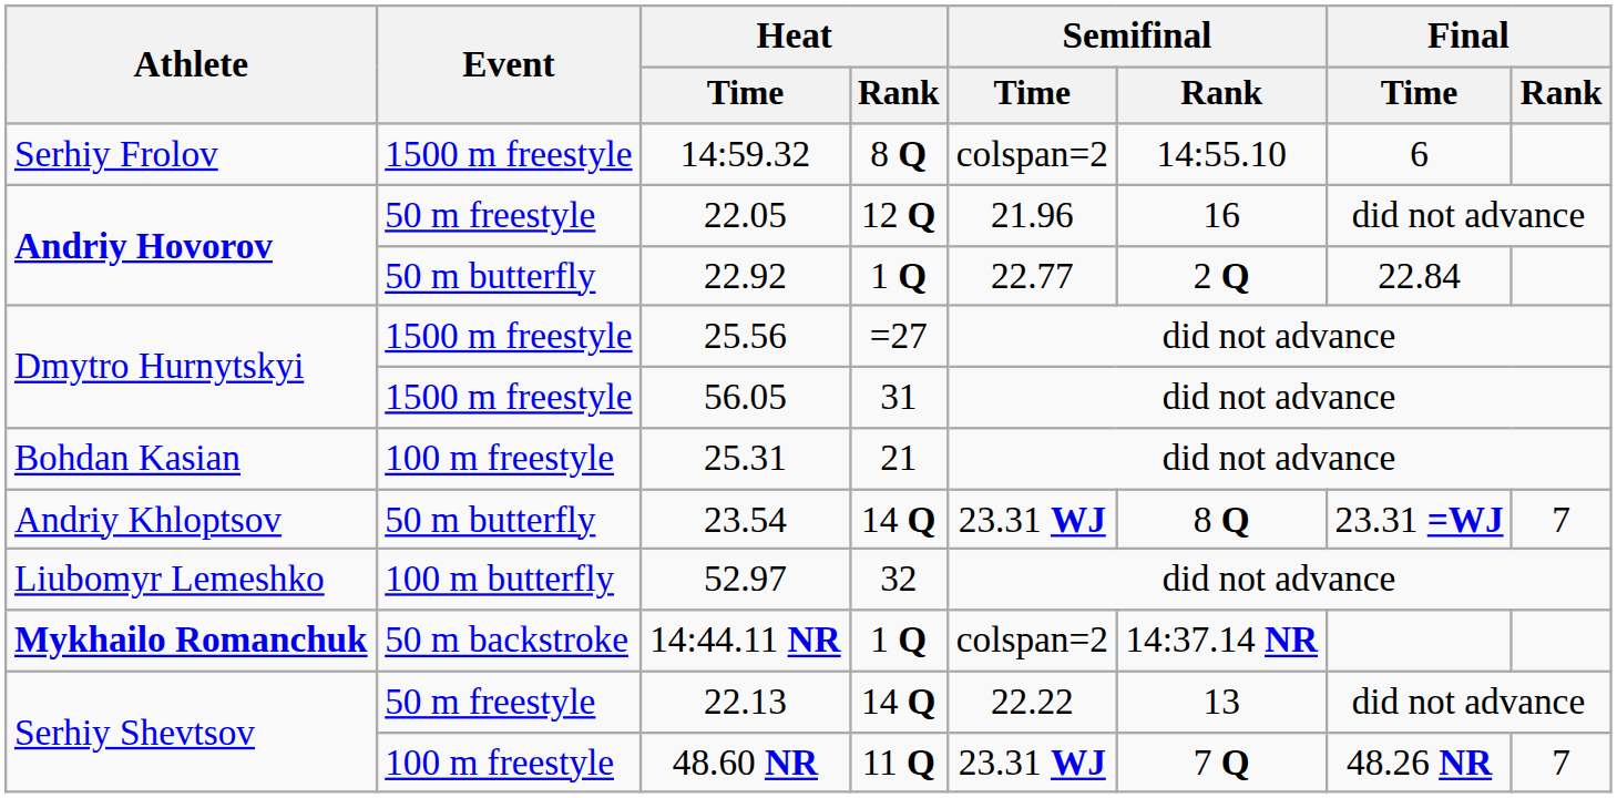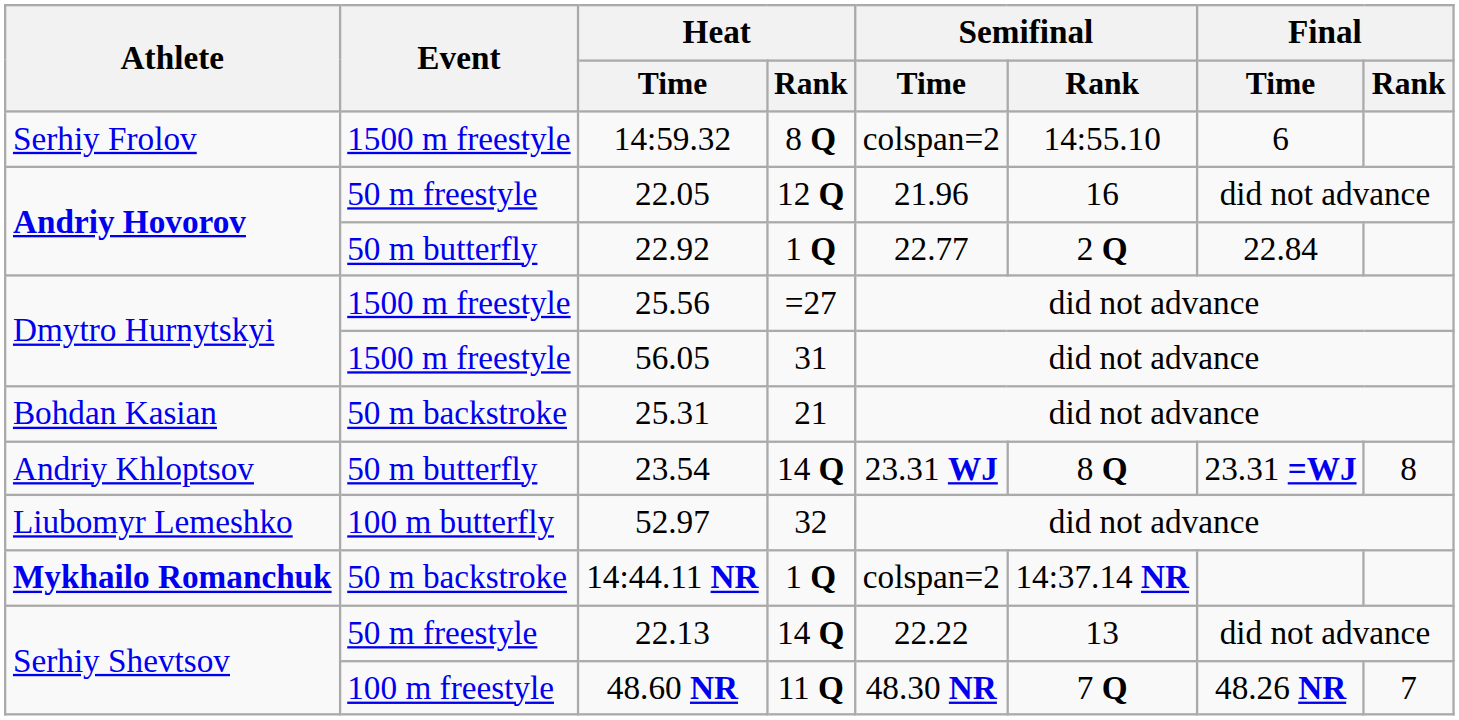 <table class=wikitable style="font-size:90%">
 <tr>
 <th rowspan="2">Athlete</th>
 <th rowspan="2">Event</th>
 <th colspan="2">Heat</th>
 <th colspan="2">Semifinal</th>
 <th colspan="2">Final</th>
 </tr>
 <tr style="font-size:95%">
 <th>Time</th>
 <th>Rank</th>
 <th>Time</th>
 <th>Rank</th>
 <th>Time</th>
 <th>Rank</th>
 </tr>
 <tr align=center>
 <td align=left><a href='#'>Serhiy Frolov</a></td>
 <td align=left><a href='#'>1500 m freestyle</a></td>
 <td>14:59.32</td>
 <td>8 <strong>Q</strong></td>
 <td>colspan=2 </td>
 <td>14:55.10</td>
 <td>6</td>
 </tr>
 <tr align=center>
 <td align=left rowspan=2><strong><a href='#'>Andriy Hovorov</a></strong></td>
 <td align=left><a href='#'>50 m freestyle</a></td>
 <td>22.05</td>
 <td>12 <strong>Q</strong></td>
 <td>21.96</td>
 <td>16</td>
 <td colspan=2>did not advance</td>
 </tr>
 <tr align=center>
 <td align=left><a href='#'>50 m butterfly</a></td>
 <td>22.92</td>
 <td>1 <strong>Q</strong></td>
 <td>22.77</td>
 <td>2 <strong>Q</strong></td>
 <td>22.84</td>
 <td></td>
 </tr>
 <tr align=center>
 <td align=left rowspan=2><a href='#'>Dmytro Hurnytskyi</a></td>
 <td align=left><a href='#'>1500 m freestyle</a></td>
 <td>25.56</td>
 <td>=27</td>
 <td colspan=4>did not advance</td>
 </tr>
 <tr align=center>
 <td align=left><a href='#'>1500 m freestyle</a></td>
 <td>56.05</td>
 <td>31</td>
 <td colspan=4>did not advance</td>
 </tr>
 <tr align=center>
 <td align=left><a href='#'>Bohdan Kasian</a></td>
-<td align=left><a href='#'>100 m freestyle</a></td>
+<td align=left><a href='#'>50 m backstroke</a></td>
 <td>25.31</td>
 <td>21</td>
 <td colspan=4>did not advance</td>
 </tr>
 <tr align=center>
 <td align=left><a href='#'>Andriy Khloptsov</a></td>
 <td align=left><a href='#'>50 m butterfly</a></td>
 <td>23.54</td>
 <td>14 <strong>Q</strong></td>
 <td>23.31 <strong><a href='#'>WJ</a></strong></td>
 <td>8 <strong>Q</strong></td>
 <td>23.31 <strong><a href='#'>=WJ</a></strong></td>
-<td>7</td>
+<td>8</td>
 </tr>
 <tr align=center>
 <td align=left><a href='#'>Liubomyr Lemeshko</a></td>
 <td align=left><a href='#'>100 m butterfly</a></td>
 <td>52.97</td>
 <td>32</td>
 <td colspan=4>did not advance</td>
 </tr>
 <tr align=center>
 <td align=left><strong><a href='#'>Mykhailo Romanchuk</a></strong></td>
 <td align=left><a href='#'>50 m backstroke</a></td>
 <td>14:44.11 <strong><a href='#'>NR</a></strong></td>
 <td>1 <strong>Q</strong></td>
 <td>colspan=2 </td>
 <td>14:37.14 <strong><a href='#'>NR</a></strong></td>
 <td></td>
 </tr>
 <tr align=center>
 <td align=left rowspan=2><a href='#'>Serhiy Shevtsov</a></td>
 <td align=left><a href='#'>50 m freestyle</a></td>
 <td>22.13</td>
 <td>14 <strong>Q</strong></td>
 <td>22.22</td>
 <td>13</td>
 <td colspan=2>did not advance</td>
 </tr>
 <tr align=center>
 <td align=left><a href='#'>100 m freestyle</a></td>
 <td>48.60 <strong><a href='#'>NR</a></strong></td>
 <td>11 <strong>Q</strong></td>
-<td>23.31 <strong><a href='#'>WJ</a></strong></td>
+<td>48.30 <strong><a href='#'>NR</a></strong></td>
 <td>7 <strong>Q</strong></td>
 <td>48.26 <strong><a href='#'>NR</a></strong></td>
 <td>7</td>
 </tr>
 </table>
